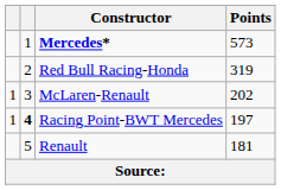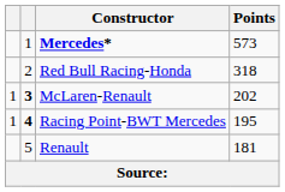 <table class="wikitable" style="font-size: 85%;">
 <tr>
 <th scope="col"></th>
 <th scope="col"></th>
 <th scope="col">Constructor</th>
 <th scope="col">Points</th>
 </tr>
 <tr>
 <td align="left"></td>
 <td align="center">1</td>
 <td> <strong><a href='#'>Mercedes</a>*</strong></td>
 <td align="left">573</td>
 </tr>
 <tr>
 <td align="left"></td>
 <td align="center">2</td>
 <td> <a href='#'>Red Bull Racing</a>-<a href='#'>Honda</a></td>
-<td align="left">319</td>
+<td align="left">318</td>
 </tr>
 <tr>
 <td align="left"> 1</td>
-<td align="center">3</td>
+<td align="center"><strong>3</strong></td>
 <td> <a href='#'>McLaren</a>-<a href='#'>Renault</a></td>
 <td align="left">202</td>
 </tr>
 <tr>
 <td align="left">  1</td>
 <td align="center"><strong>4</strong></td>
 <td> <a href='#'>Racing Point</a>-<a href='#'>BWT Mercedes</a></td>
-<td align="left">197</td>
+<td align="left">195</td>
 </tr>
 <tr>
 <td align="left"></td>
 <td align="center">5</td>
 <td> <a href='#'>Renault</a></td>
 <td align="left">181</td>
 </tr>
 <tr>
 <th colspan=4>Source:</th>
 </tr>
 </table>
